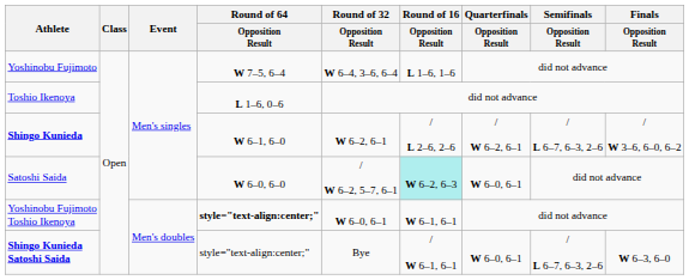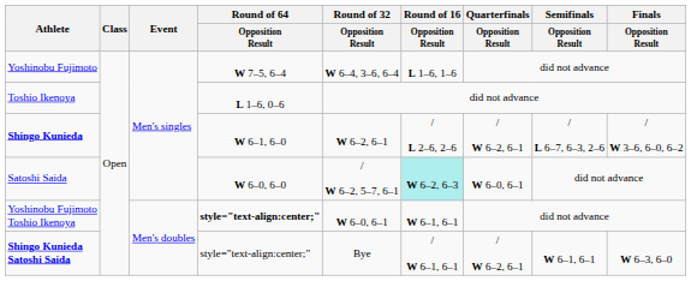 <table class=wikitable style="font-size:90%">
 <tr>
 <th rowspan="2">Athlete</th>
 <th rowspan="2">Class</th>
 <th rowspan="2">Event</th>
 <th>Round of 64</th>
 <th>Round of 32</th>
 <th>Round of 16</th>
 <th>Quarterfinals</th>
 <th>Semifinals</th>
 <th>Finals</th>
 </tr>
 <tr>
 <th style="line-height:1em"><small>Opposition<br>Result</small></th>
 <th style="line-height:1em"><small>Opposition<br>Result</small></th>
 <th style="line-height:1em"><small>Opposition<br>Result</small></th>
 <th style="line-height:1em"><small>Opposition<br>Result</small></th>
 <th style="line-height:1em"><small>Opposition<br>Result</small></th>
 <th style="line-height:1em"><small>Opposition<br>Result</small></th>
 </tr>
 <tr>
 <td><a href='#'>Yoshinobu Fujimoto</a></td>
 <td rowspan="6" style="text-align:center;">Open</td>
 <td rowspan="4"><a href='#'>Men's singles</a></td>
 <td style="text-align:center;"><br><strong>W</strong> 7–5, 6–4</td>
 <td style="text-align:center;"><br><strong>W</strong> 6–4, 3–6, 6–4</td>
 <td style="text-align:center;"><br><strong>L</strong> 1–6, 1–6</td>
 <td style="text-align:center;" colspan="3">did not advance</td>
 </tr>
 <tr>
 <td><a href='#'>Toshio Ikenoya</a></td>
 <td style="text-align:center;"><br><strong>L</strong> 1–6, 0–6</td>
 <td style="text-align:center;" colspan="5">did not advance</td>
 </tr>
 <tr>
 <td><strong><a href='#'>Shingo Kunieda</a></strong></td>
 <td style="text-align:center;"><br><strong>W</strong> 6–1, 6–0</td>
 <td style="text-align:center;"><br><strong>W</strong> 6–2, 6–1</td>
 <td style="text-align:center;"> /<br> <br><strong>L</strong> 2–6, 2–6</td>
 <td style="text-align:center;"> /<br> <br><strong>W</strong> 6–2, 6–1</td>
 <td style="text-align:center;"> /<br> <br><strong>L</strong> 6–7, 6–3, 2–6</td>
 <td style="text-align:center;"> /<br> <br><strong>W</strong> 3–6, 6–0, 6–2 </td>
 </tr>
 <tr>
 <td><a href='#'>Satoshi Saida</a></td>
 <td style="text-align:center;"><br><strong>W</strong> 6–0, 6–0</td>
 <td style="text-align:center;"> /<br> <br><strong>W</strong> 6–2, 5–7, 6–1</td>
 <td style="background: paleturquoise; text-align:center;"><br><strong>W</strong> 6–2, 6–3</td>
 <td style="text-align:center;"><br><strong>W</strong> 6–0, 6–1</td>
 <td style="text-align:center;" colspan="2">did not advance</td>
 </tr>
 <tr>
 <td><a href='#'>Yoshinobu Fujimoto</a><br> <a href='#'>Toshio Ikenoya</a></td>
 <td rowspan="2" style="text-align:center;"><a href='#'>Men's doubles</a></td>
 <td><strong>style="text-align:center;" </strong></td>
 <td style="text-align:center;"><br><strong>W</strong> 6–0, 6–1</td>
 <td style="text-align:center;"><br><strong>W</strong> 6–1, 6–1</td>
 <td style="text-align:center;" colspan="3">did not advance</td>
 </tr>
 <tr>
 <td><strong><a href='#'>Shingo Kunieda</a></strong><br> <strong><a href='#'>Satoshi Saida</a></strong></td>
 <td>style="text-align:center;" </td>
 <td style="text-align:center;">Bye</td>
 <td style="text-align:center;"> /<br> <br><strong>W</strong> 6–1, 6–1</td>
-<td style="text-align:center;"><br><strong>W</strong> 6–0, 6–1</td>
-<td style="text-align:center;"> /<br> <br><strong>L</strong> 6–7, 6–3, 2–6</td>
+<td style="text-align:center;"> /<br> <br><strong>W</strong> 6–2, 6–1</td>
+<td style="text-align:center;"><br><strong>W</strong> 6–1, 6–1</td>
 <td style="text-align:center;"><br><strong>W</strong> 6–3, 6–0 </td>
 </tr>
 </table>
